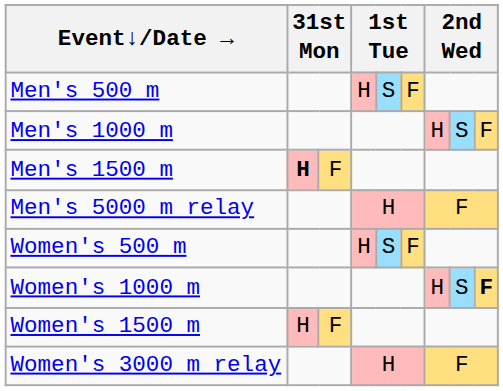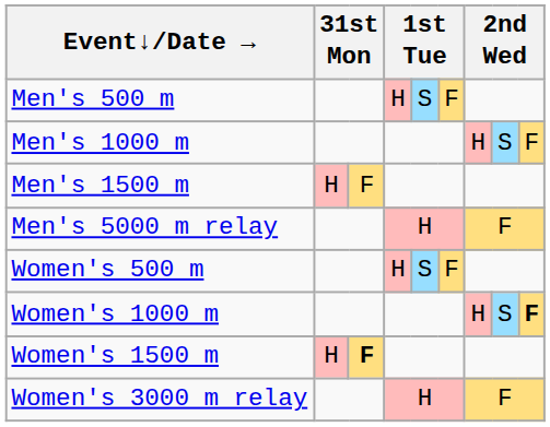 <table class="wikitable" style="margin:0.5em auto; font-size:90%; line-height:1.25em; text-align:center;">
 <tr>
 <th>Event↓/Date →</th>
 <th colspan=2>31st<br>Mon</th>
 <th colspan=3>1st<br>Tue</th>
 <th colspan=3>2nd<br>Wed</th>
 </tr>
 <tr>
 <td align="left"><a href='#'>Men's 500 m</a></td>
 <td colspan=2></td>
 <td bgcolor="#FFBBBB">H</td>
 <td bgcolor="#97DEFF">S</td>
 <td bgcolor="#FFDF80">F</td>
 <td colspan=3></td>
 </tr>
 <tr>
 <td align="left"><a href='#'>Men's 1000 m</a></td>
 <td colspan=2></td>
 <td colspan=3></td>
 <td bgcolor="#FFBBBB">H</td>
 <td bgcolor="#97DEFF">S</td>
 <td bgcolor="#FFDF80">F</td>
 </tr>
 <tr>
 <td align="left"><a href='#'>Men's 1500 m</a></td>
-<td bgcolor="#FFBBBB"><strong>H</strong></td>
+<td bgcolor="#FFBBBB">H</td>
 <td bgcolor="#FFDF80">F</td>
 <td colspan=3></td>
 <td colspan=3></td>
 </tr>
 <tr>
 <td align="left"><a href='#'>Men's 5000 m relay</a></td>
 <td colspan=2></td>
 <td colspan=3 bgcolor="#FFBBBB">H</td>
 <td colspan=3 bgcolor="#FFDF80">F</td>
 </tr>
 <tr>
 <td align="left"><a href='#'>Women's 500 m</a></td>
 <td colspan=2></td>
 <td bgcolor="#FFBBBB">H</td>
 <td bgcolor="#97DEFF">S</td>
 <td bgcolor="#FFDF80">F</td>
 <td colspan=3></td>
 </tr>
 <tr>
 <td align="left"><a href='#'>Women's 1000 m</a></td>
 <td colspan=2></td>
 <td colspan=3></td>
 <td bgcolor="#FFBBBB">H</td>
 <td bgcolor="#97DEFF">S</td>
 <td bgcolor="#FFDF80"><strong>F</strong></td>
 </tr>
 <tr>
 <td align="left"><a href='#'>Women's 1500 m</a></td>
 <td bgcolor="#FFBBBB">H</td>
-<td bgcolor="#FFDF80">F</td>
+<td bgcolor="#FFDF80"><strong>F</strong></td>
 <td colspan=3></td>
 <td colspan=3></td>
 </tr>
 <tr>
 <td align="left"><a href='#'>Women's 3000 m relay</a></td>
 <td colspan=2></td>
 <td colspan=3 bgcolor="#FFBBBB">H</td>
 <td colspan=3 bgcolor="#FFDF80">F</td>
 </tr>
 </table>
